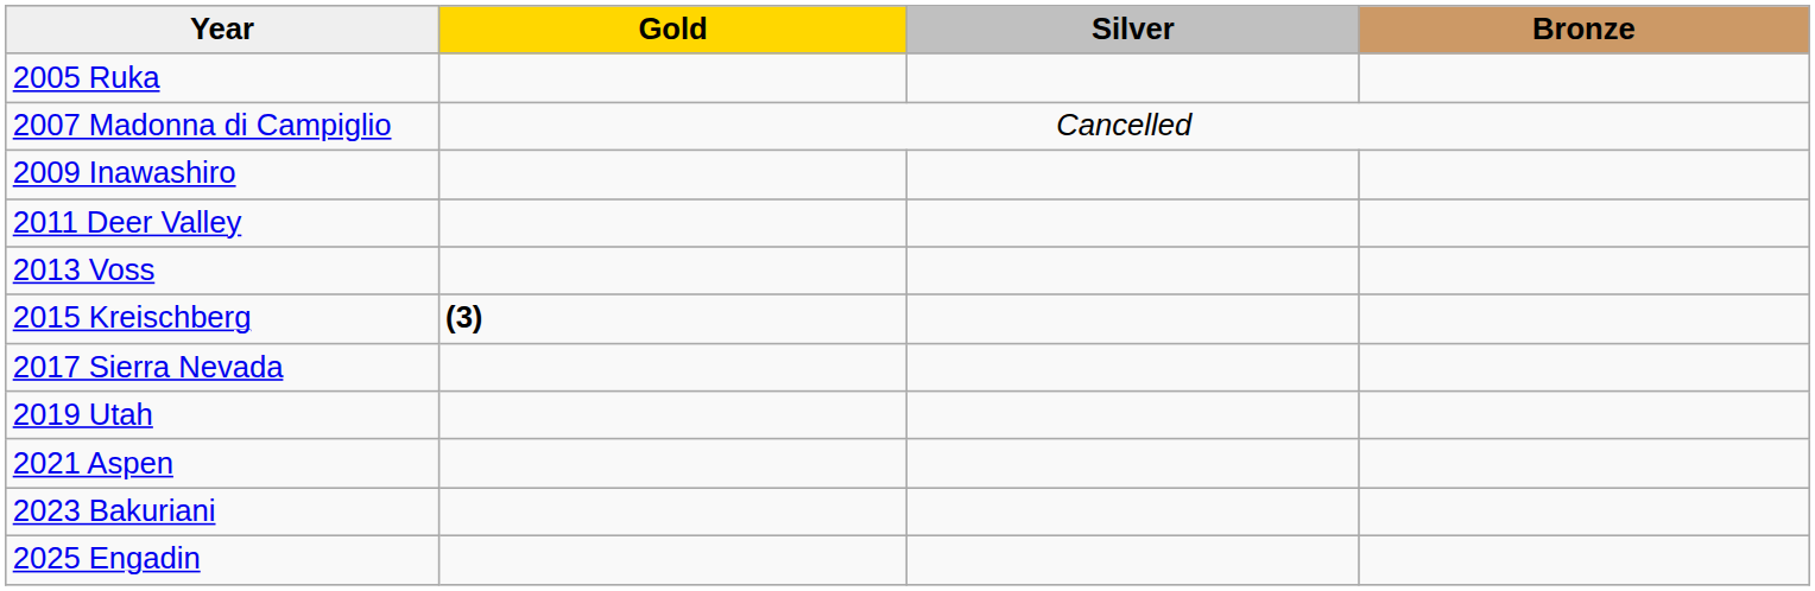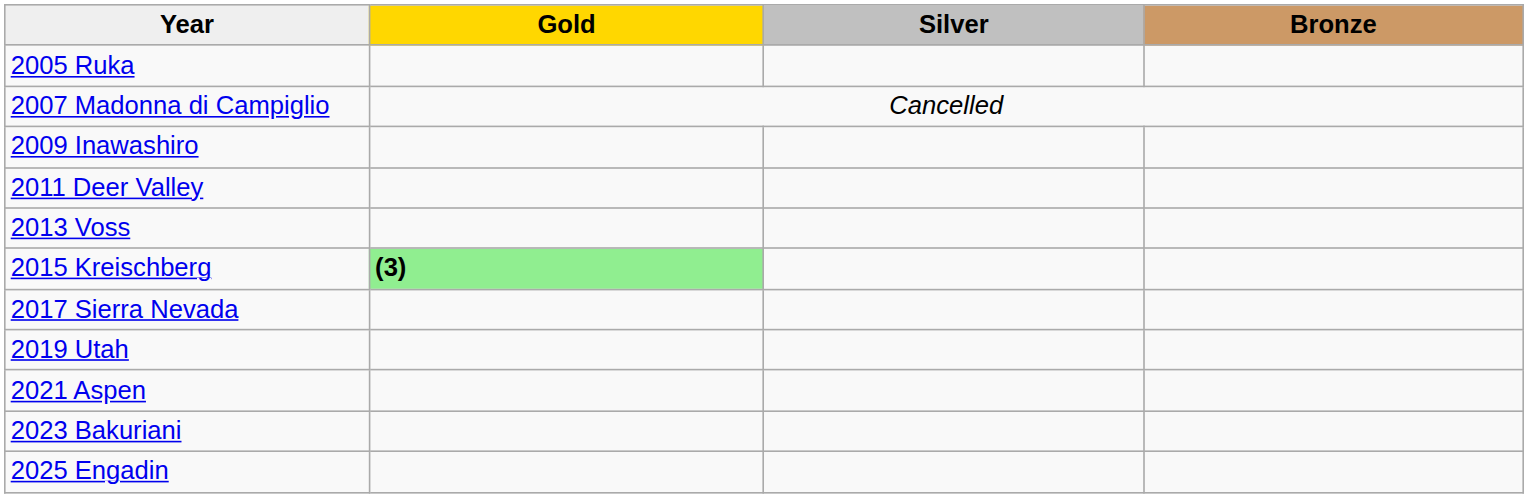 <table class="wikitable sortable" style="width:950px;">
 <tr>
 <th style="width:24%; background:#efefef;">Year</th>
 <th style="width:26%; background:gold">Gold</th>
 <th style="width:25%; background:silver">Silver</th>
 <th style="width:25%; background:#CC9966">Bronze</th>
 </tr>
 <tr>
 <td><a href='#'>2005 Ruka</a></td>
 <td></td>
 <td></td>
 <td></td>
 </tr>
 <tr>
 <td><a href='#'>2007 Madonna di Campiglio</a></td>
 <td align=center colspan=3><em>Cancelled</em></td>
 </tr>
 <tr>
 <td><a href='#'>2009 Inawashiro</a></td>
 <td></td>
 <td></td>
 <td></td>
 </tr>
 <tr>
 <td><a href='#'>2011 Deer Valley</a></td>
 <td></td>
 <td></td>
 <td></td>
 </tr>
 <tr>
 <td><a href='#'>2013 Voss</a></td>
 <td></td>
 <td></td>
 <td></td>
 </tr>
 <tr>
 <td><a href='#'>2015 Kreischberg</a></td>
-<td> <strong>(3)</strong></td>
+<td style="background: lightgreen;"> <strong>(3)</strong></td>
 <td></td>
 <td></td>
 </tr>
 <tr>
 <td><a href='#'>2017 Sierra Nevada</a></td>
 <td></td>
 <td></td>
 <td></td>
 </tr>
 <tr>
 <td><a href='#'>2019 Utah</a></td>
 <td></td>
 <td></td>
 <td></td>
 </tr>
 <tr>
 <td><a href='#'>2021 Aspen</a></td>
 <td></td>
 <td></td>
 <td></td>
 </tr>
 <tr>
 <td><a href='#'>2023 Bakuriani</a></td>
 <td></td>
 <td></td>
 <td></td>
 </tr>
 <tr>
 <td><a href='#'>2025 Engadin</a></td>
 <td></td>
 <td></td>
 <td></td>
 </tr>
 </table>
